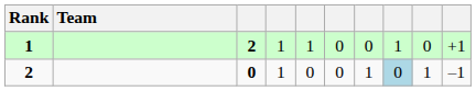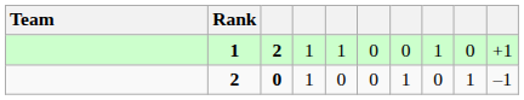 <table class="wikitable" style="text-align:center">
 <tr>
+<th width=165 style="text-align:left">Team</th>
 <th width=30>Rank</th>
-<th width=165 style="text-align:left">Team</th>
 <th width=20></th>
 <th width=20></th>
 <th width=20></th>
 <th width=20></th>
 <th width=20></th>
 <th width=20></th>
 <th width=20></th>
 <th width=20></th>
 </tr>
 <tr bgcolor="#ccffcc">
+<td align="left"></td>
 <td><strong>1</strong></td>
-<td align="left"></td>
 <td><strong>2</strong></td>
 <td>1</td>
 <td>1</td>
 <td>0</td>
 <td>0</td>
 <td>1</td>
 <td>0</td>
 <td>+1</td>
 </tr>
 <tr>
+<td align="left"></td>
 <td><strong>2</strong></td>
-<td align="left"></td>
 <td><strong>0</strong></td>
 <td>1</td>
 <td>0</td>
 <td>0</td>
 <td>1</td>
-<td style="background: lightblue;">0</td>
+<td>0</td>
 <td>1</td>
 <td>–1</td>
 </tr>
 </table>
